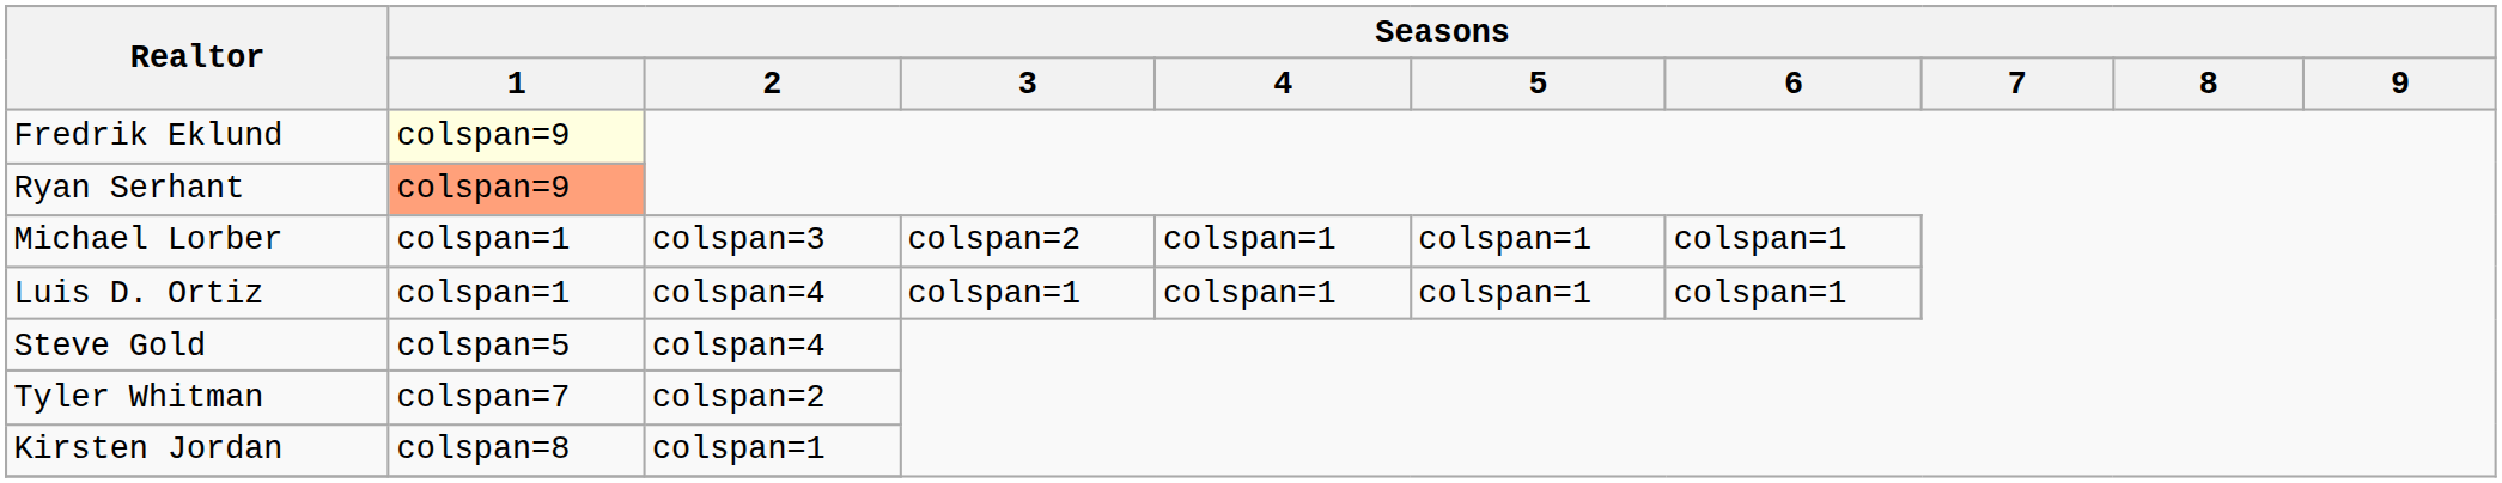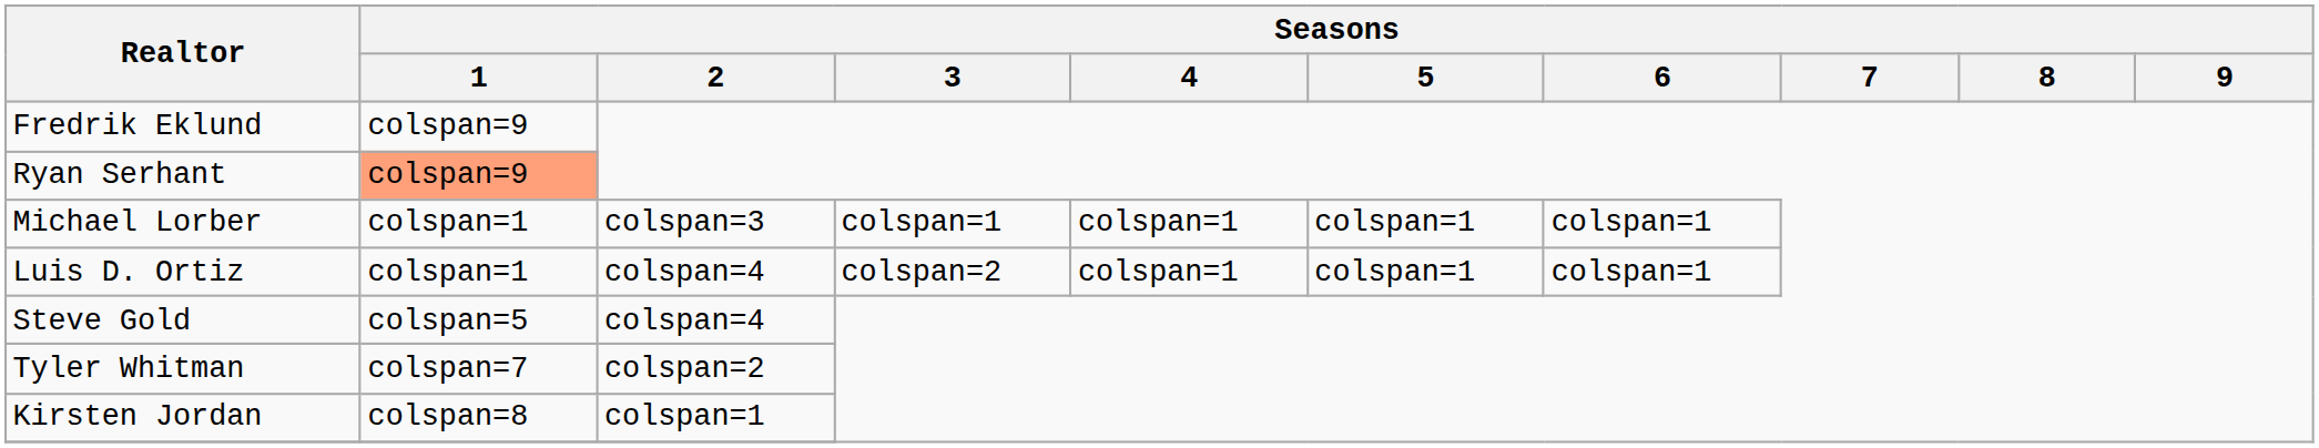 <table class="wikitable plainrowheaders" style="width:80%">
 <tr>
 <th scope=col rowspan=2 style=width:10%>Realtor</th>
 <th scope=col colspan=9>Seasons</th>
 </tr>
 <tr>
 <th scope=col style=width:5%>1</th>
 <th scope=col style=width:5%>2</th>
 <th scope=col style=width:5%>3</th>
 <th scope=col style=width:5%>4</th>
 <th scope=col style=width:5%>5</th>
 <th scope=col style=width:5%>6</th>
 <th scope=col style=width:5%>7</th>
 <th scope=col style=width:5%>8</th>
 <th scope=col style=width:5%>9</th>
 </tr>
 <tr>
 <td>Fredrik Eklund</td>
-<td style="background: lightyellow;">colspan=9 </td>
+<td>colspan=9 </td>
 </tr>
 <tr>
 <td>Ryan Serhant</td>
 <td style="background: lightsalmon;">colspan=9 </td>
 </tr>
 <tr>
 <td>Michael Lorber</td>
 <td>colspan=1 </td>
 <td>colspan=3 </td>
-<td>colspan=2 </td>
+<td>colspan=1 </td>
 <td>colspan=1 </td>
 <td>colspan=1 </td>
 <td>colspan=1 </td>
 </tr>
 <tr>
 <td>Luis D. Ortiz</td>
 <td>colspan=1 </td>
 <td>colspan=4 </td>
-<td>colspan=1 </td>
+<td>colspan=2 </td>
 <td>colspan=1 </td>
 <td>colspan=1 </td>
 <td>colspan=1 </td>
 </tr>
 <tr>
 <td>Steve Gold</td>
 <td>colspan=5 </td>
 <td>colspan=4 </td>
 </tr>
 <tr>
 <td>Tyler Whitman</td>
 <td>colspan=7 </td>
 <td>colspan=2 </td>
 </tr>
 <tr>
 <td>Kirsten Jordan</td>
 <td>colspan=8 </td>
 <td>colspan=1 </td>
 </tr>
 <tr>
 </tr>
 </table>
